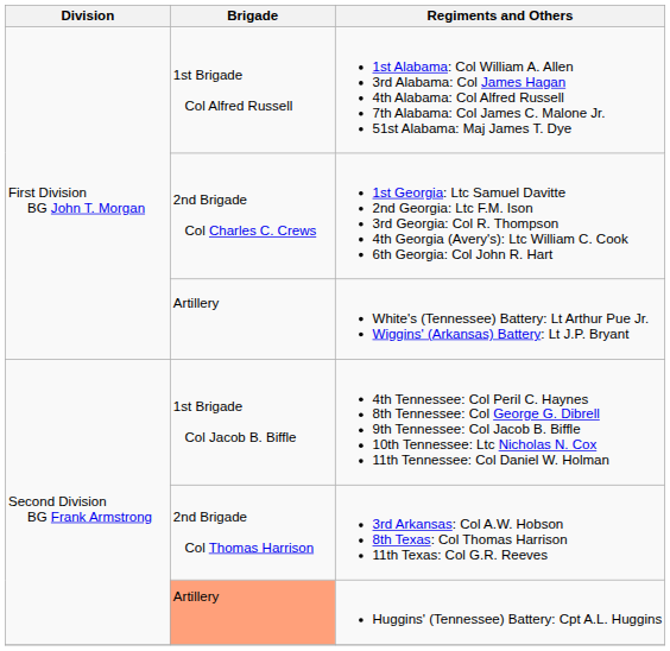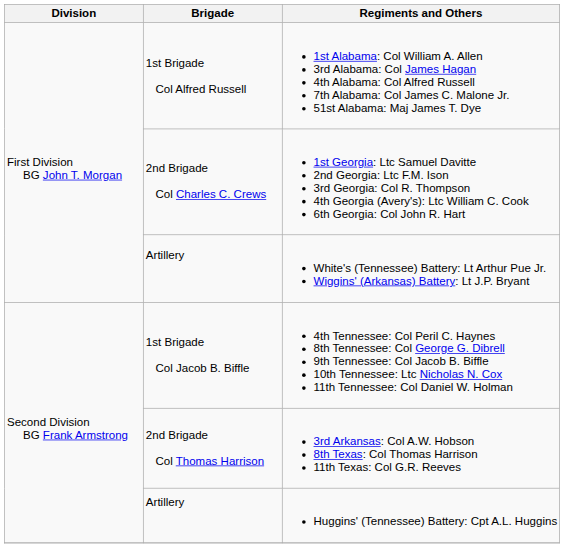 <table class="wikitable">
 <tr>
 <th width=25%>Division</th>
 <th width=25%>Brigade</th>
 <th>Regiments and Others</th>
 </tr>
 <tr>
 <td rowspan=3><br>First Division <br>     BG <a href='#'>John T. Morgan</a></td>
 <td>1st Brigade<br><br>   Col Alfred Russell</td>
 <td><br><ul><li><a href='#'>1st Alabama</a>: Col William A. Allen</li><li>3rd Alabama: Col <a href='#'>James Hagan</a></li><li>4th Alabama: Col Alfred Russell</li><li>7th Alabama: Col James C. Malone Jr.</li><li>51st Alabama: Maj James T. Dye</li></ul></td>
 </tr>
 <tr>
 <td>2nd Brigade<br><br>   Col <a href='#'>Charles C. Crews</a></td>
 <td><br><ul><li><a href='#'>1st Georgia</a>: Ltc Samuel Davitte</li><li>2nd Georgia: Ltc F.M. Ison</li><li>3rd Georgia: Col R. Thompson</li><li>4th Georgia (Avery's): Ltc William C. Cook</li><li>6th Georgia: Col John R. Hart</li></ul></td>
 </tr>
 <tr>
 <td>Artillery<br><br>  </td>
 <td><br><ul><li>White's (Tennessee) Battery: Lt Arthur Pue Jr.</li><li><a href='#'>Wiggins' (Arkansas) Battery</a>: Lt J.P. Bryant</li></ul></td>
 </tr>
 <tr>
 <td rowspan=3><br>Second Division <br>     BG <a href='#'>Frank Armstrong</a></td>
 <td>1st Brigade<br><br>   Col Jacob B. Biffle</td>
 <td><br><ul><li>4th Tennessee: Col Peril C. Haynes</li><li>8th Tennessee: Col <a href='#'>George G. Dibrell</a></li><li>9th Tennessee: Col Jacob B. Biffle</li><li>10th Tennessee: Ltc <a href='#'>Nicholas N. Cox</a></li><li>11th Tennessee: Col Daniel W. Holman</li></ul></td>
 </tr>
 <tr>
 <td>2nd Brigade<br><br>   Col <a href='#'>Thomas Harrison</a></td>
 <td><br><ul><li><a href='#'>3rd Arkansas</a>: Col A.W. Hobson</li><li><a href='#'>8th Texas</a>: Col Thomas Harrison</li><li>11th Texas: Col G.R. Reeves</li></ul></td>
 </tr>
 <tr>
-<td style="background: lightsalmon;">Artillery<br><br>  </td>
+<td>Artillery<br><br>  </td>
 <td><br><ul><li>Huggins' (Tennessee) Battery: Cpt A.L. Huggins</li></ul></td>
 </tr>
 <tr>
 </tr>
 </table>
